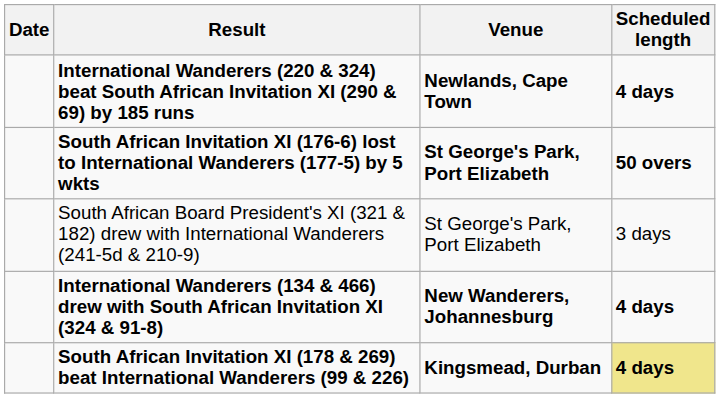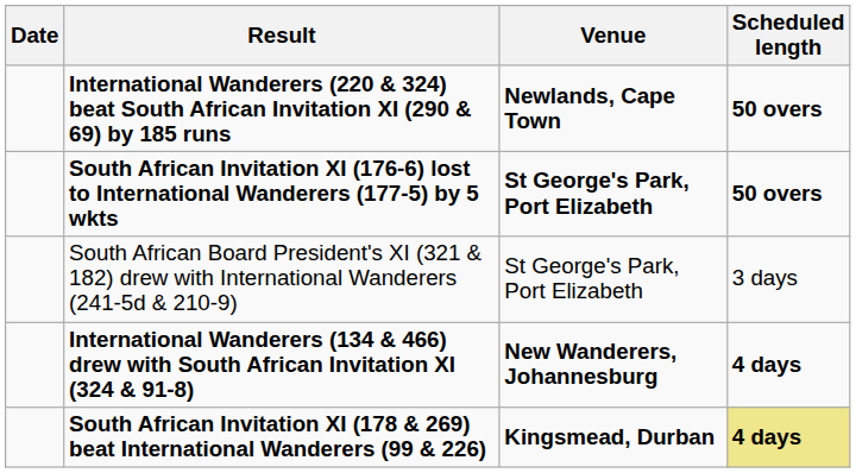 <table class="wikitable">
 <tr>
 <th>Date</th>
 <th>Result</th>
 <th>Venue</th>
 <th>Scheduled<br>length</th>
 </tr>
 <tr>
 <td><strong></strong></td>
 <td><strong>International Wanderers (220 & 324) beat South African Invitation XI (290 & 69) by 185 runs</strong></td>
 <td><strong>Newlands, Cape Town</strong></td>
-<td><strong>4 days</strong></td>
+<td><strong>50 overs</strong></td>
 </tr>
 <tr>
 <td><strong></strong></td>
 <td><strong>South African Invitation XI (176-6) lost to International Wanderers (177-5) by 5 wkts</strong></td>
 <td><strong>St George's Park, Port Elizabeth</strong></td>
 <td><strong>50 overs</strong></td>
 </tr>
 <tr>
 <td></td>
 <td>South African Board President's XI (321 & 182) drew with International Wanderers (241-5d & 210-9)</td>
 <td>St George's Park, Port Elizabeth</td>
 <td>3 days</td>
 </tr>
 <tr>
 <td><strong></strong></td>
 <td><strong>International Wanderers (134 & 466) drew with South African Invitation XI (324 & 91-8)</strong></td>
 <td><strong>New Wanderers, Johannesburg</strong></td>
 <td><strong>4 days</strong></td>
 </tr>
 <tr>
 <td><strong></strong></td>
 <td><strong>South African Invitation XI (178 & 269) beat International Wanderers (99 & 226)</strong></td>
 <td><strong>Kingsmead, Durban</strong></td>
 <td style="background: khaki;"><strong>4 days</strong></td>
 </tr>
 </table>
